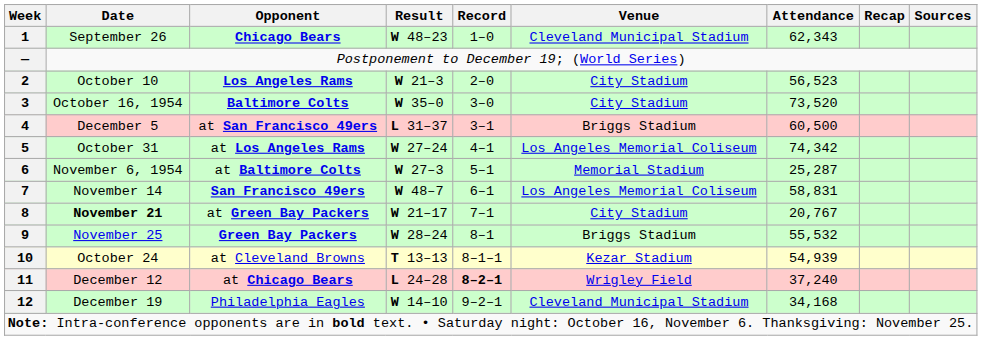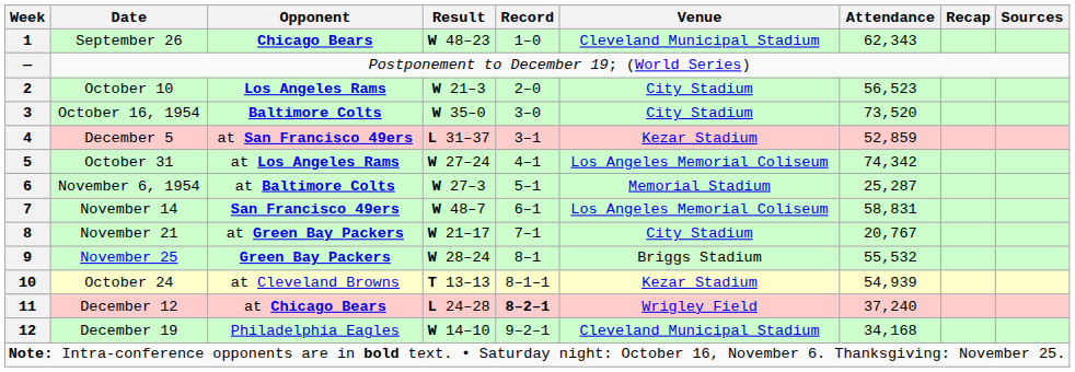 <table class="wikitable" style="text-align:center">
 <tr>
 <th>Week</th>
 <th>Date</th>
 <th>Opponent</th>
 <th>Result</th>
 <th>Record</th>
 <th>Venue</th>
 <th>Attendance</th>
 <th>Recap</th>
 <th>Sources</th>
 </tr>
 <tr style="background:#cfc">
 <th>1</th>
 <td>September 26</td>
 <td><strong><a href='#'>Chicago Bears</a></strong></td>
 <td><strong>W</strong> 48–23</td>
 <td>1–0</td>
 <td><a href='#'>Cleveland Municipal Stadium</a></td>
 <td>62,343</td>
 <td></td>
 <td></td>
 </tr>
 <tr>
 <th>—</th>
 <td colspan=8><em>Postponement to December 19</em>; (<a href='#'>World Series</a>)</td>
 </tr>
 <tr style="background:#cfc">
 <th>2</th>
 <td>October 10</td>
 <td><strong><a href='#'>Los Angeles Rams</a></strong></td>
 <td><strong>W</strong> 21–3</td>
 <td>2–0</td>
 <td><a href='#'>City Stadium</a></td>
 <td>56,523</td>
 <td></td>
 <td></td>
 </tr>
 <tr style="background:#cfc">
 <th>3</th>
 <td>October 16, 1954</td>
 <td><strong><a href='#'>Baltimore Colts</a></strong></td>
 <td><strong>W</strong> 35–0</td>
 <td>3–0</td>
 <td><a href='#'>City Stadium</a></td>
 <td>73,520</td>
 <td></td>
 <td></td>
 </tr>
 <tr style="background:#fcc">
 <th>4</th>
 <td>December 5</td>
 <td>at <strong><a href='#'>San Francisco 49ers</a></strong></td>
 <td><strong>L</strong> 31–37</td>
 <td>3–1</td>
-<td>Briggs Stadium</td>
-<td>60,500</td>
+<td><a href='#'>Kezar Stadium</a></td>
+<td>52,859</td>
 <td></td>
 <td></td>
 </tr>
 <tr style="background:#cfc">
 <th>5</th>
 <td>October 31</td>
 <td>at <strong><a href='#'>Los Angeles Rams</a></strong></td>
 <td><strong>W</strong> 27–24</td>
 <td>4–1</td>
 <td><a href='#'>Los Angeles Memorial Coliseum</a></td>
 <td>74,342</td>
 <td></td>
 <td></td>
 </tr>
 <tr style="background:#cfc">
 <th>6</th>
 <td>November 6, 1954</td>
 <td>at <strong><a href='#'>Baltimore Colts</a></strong></td>
 <td><strong>W</strong> 27–3</td>
 <td>5–1</td>
 <td><a href='#'>Memorial Stadium</a></td>
 <td>25,287</td>
 <td></td>
 <td></td>
 </tr>
 <tr style="background:#cfc">
 <th>7</th>
 <td>November 14</td>
 <td><strong><a href='#'>San Francisco 49ers</a></strong></td>
 <td><strong>W</strong> 48–7</td>
 <td>6–1</td>
 <td><a href='#'>Los Angeles Memorial Coliseum</a></td>
 <td>58,831</td>
 <td></td>
 <td></td>
 </tr>
 <tr style="background:#cfc">
 <th>8</th>
-<td><strong>November 21</strong></td>
+<td>November 21</td>
 <td>at <strong><a href='#'>Green Bay Packers</a></strong></td>
 <td><strong>W</strong> 21–17</td>
 <td>7–1</td>
 <td><a href='#'>City Stadium</a></td>
 <td>20,767</td>
 <td></td>
 <td></td>
 </tr>
 <tr style="background:#cfc">
 <th>9</th>
 <td><a href='#'>November 25</a></td>
 <td><strong><a href='#'>Green Bay Packers</a></strong></td>
 <td><strong>W</strong> 28–24</td>
 <td>8–1</td>
 <td>Briggs Stadium</td>
 <td>55,532</td>
 <td></td>
 <td></td>
 </tr>
 <tr style="background:#ffc">
 <th>10</th>
 <td>October 24</td>
 <td>at <a href='#'>Cleveland Browns</a></td>
 <td><strong>T</strong> 13–13</td>
 <td>8–1–1</td>
 <td><a href='#'>Kezar Stadium</a></td>
 <td>54,939</td>
 <td></td>
 <td></td>
 </tr>
 <tr style="background:#fcc">
 <th>11</th>
 <td>December 12</td>
 <td>at <strong><a href='#'>Chicago Bears</a></strong></td>
 <td><strong>L</strong> 24–28</td>
 <td><strong>8–2–1</strong></td>
 <td><a href='#'>Wrigley Field</a></td>
 <td>37,240</td>
 <td></td>
 <td></td>
 </tr>
 <tr style="background:#cfc">
 <th>12</th>
 <td>December 19</td>
 <td><a href='#'>Philadelphia Eagles</a></td>
 <td><strong>W</strong> 14–10</td>
 <td>9–2–1</td>
 <td><a href='#'>Cleveland Municipal Stadium</a></td>
 <td>34,168</td>
 <td></td>
 <td></td>
 </tr>
 <tr>
 <td colspan="10"><strong>Note:</strong> Intra-conference opponents are in <strong>bold</strong> text. • Saturday night: October 16, November 6. Thanksgiving: November 25.</td>
 </tr>
 </table>
